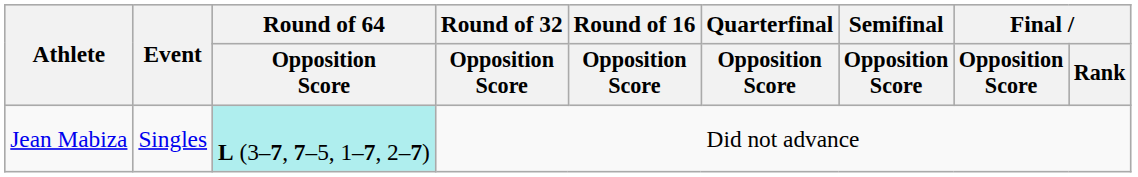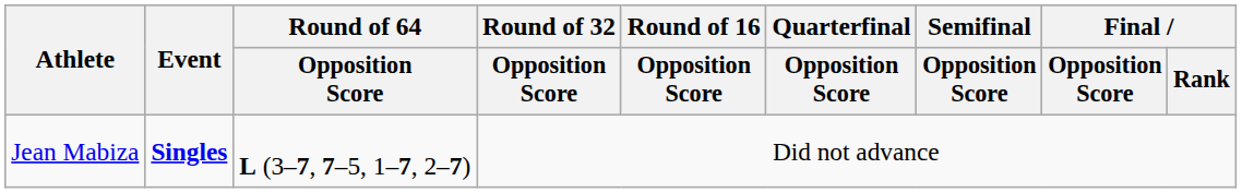 <table class=wikitable style="font-size:90%">
 <tr>
 <th rowspan=2>Athlete</th>
 <th rowspan=2>Event</th>
 <th>Round of 64</th>
 <th>Round of 32</th>
 <th>Round of 16</th>
 <th>Quarterfinal</th>
 <th>Semifinal</th>
 <th colspan=2>Final / </th>
 </tr>
 <tr style="font-size:95%">
 <th>Opposition<br>Score</th>
 <th>Opposition<br>Score</th>
 <th>Opposition<br>Score</th>
 <th>Opposition<br>Score</th>
 <th>Opposition<br>Score</th>
 <th>Opposition<br>Score</th>
 <th>Rank</th>
 </tr>
 <tr align=center>
 <td align=left><a href='#'>Jean Mabiza</a></td>
-<td align=left><a href='#'>Singles</a></td>
-<td style="background: paleturquoise;"><br><strong>L</strong> (3–<strong>7</strong>, <strong>7</strong>–5, 1–<strong>7</strong>, 2–<strong>7</strong>)</td>
+<td align=left><strong><a href='#'>Singles</a></strong></td>
+<td><br><strong>L</strong> (3–<strong>7</strong>, <strong>7</strong>–5, 1–<strong>7</strong>, 2–<strong>7</strong>)</td>
 <td colspan=6>Did not advance</td>
 </tr>
 </table>
